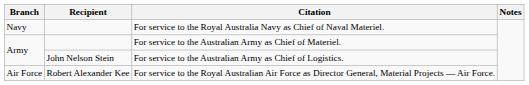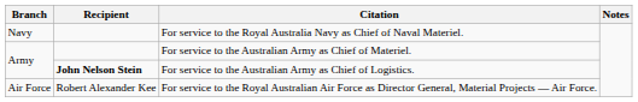 <table class="wikitable" style="font-size:95%;">
 <tr>
 <th>Branch</th>
 <th>Recipient</th>
 <th>Citation</th>
 <th>Notes</th>
 </tr>
 <tr>
 <td rowspan=1>Navy</td>
 <td></td>
 <td>For service to the Royal Australia Navy as Chief of Naval Materiel.</td>
 <td rowspan=4></td>
 </tr>
 <tr>
 <td rowspan=2>Army</td>
 <td></td>
 <td>For service to the Australian Army as Chief of Materiel.</td>
 </tr>
 <tr>
-<td> John Nelson Stein </td>
+<td><strong> John Nelson Stein </strong></td>
 <td>For service to the Australian Army as Chief of Logistics.</td>
 </tr>
 <tr>
 <td rowspan=1>Air Force</td>
 <td> Robert Alexander Kee</td>
 <td>For service to the Royal Australian Air Force as Director General, Material Projects — Air Force.</td>
 </tr>
 </table>
